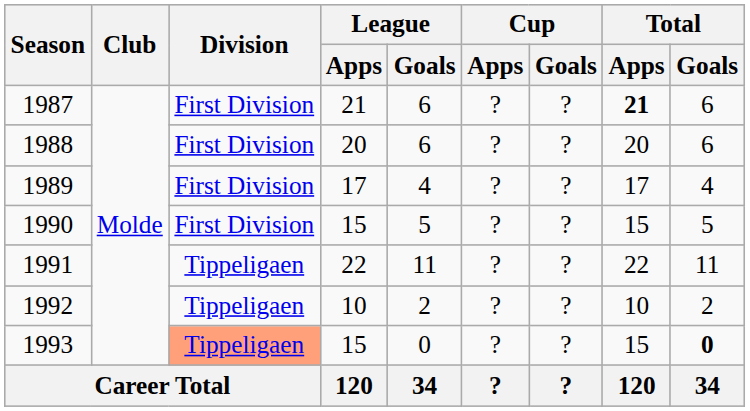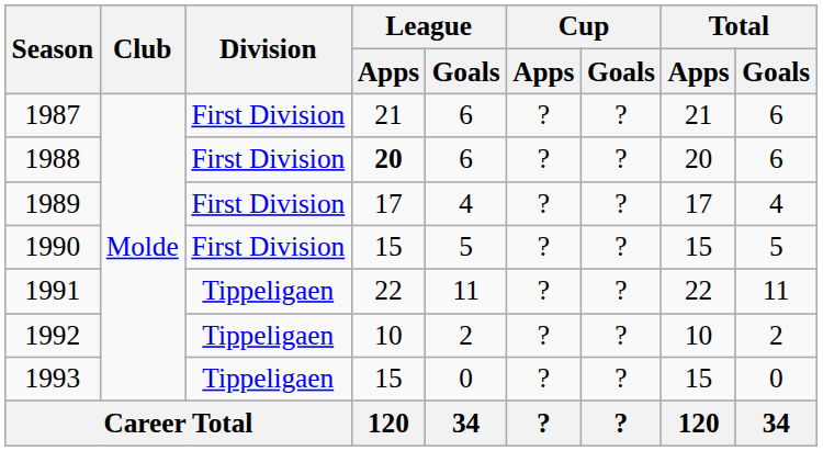 <table class="wikitable" style="text-align: center;">
 <tr>
 <th rowspan="2">Season</th>
 <th rowspan="2">Club</th>
 <th rowspan="2">Division</th>
 <th colspan="2">League</th>
 <th colspan="2">Cup</th>
 <th colspan="2">Total</th>
 </tr>
 <tr>
 <th>Apps</th>
 <th>Goals</th>
 <th>Apps</th>
 <th>Goals</th>
 <th>Apps</th>
 <th>Goals</th>
 </tr>
 <tr>
 <td>1987</td>
 <td rowspan="7" valign="center"><a href='#'>Molde</a></td>
 <td><a href='#'>First Division</a></td>
 <td>21</td>
 <td>6</td>
 <td>?</td>
 <td>?</td>
-<td><strong>21</strong></td>
+<td>21</td>
 <td>6</td>
 </tr>
 <tr>
 <td>1988</td>
 <td><a href='#'>First Division</a></td>
-<td>20</td>
+<td><strong>20</strong></td>
 <td>6</td>
 <td>?</td>
 <td>?</td>
 <td>20</td>
 <td>6</td>
 </tr>
 <tr>
 <td>1989</td>
 <td><a href='#'>First Division</a></td>
 <td>17</td>
 <td>4</td>
 <td>?</td>
 <td>?</td>
 <td>17</td>
 <td>4</td>
 </tr>
 <tr>
 <td>1990</td>
 <td><a href='#'>First Division</a></td>
 <td>15</td>
 <td>5</td>
 <td>?</td>
 <td>?</td>
 <td>15</td>
 <td>5</td>
 </tr>
 <tr>
 <td>1991</td>
 <td><a href='#'>Tippeligaen</a></td>
 <td>22</td>
 <td>11</td>
 <td>?</td>
 <td>?</td>
 <td>22</td>
 <td>11</td>
 </tr>
 <tr>
 <td>1992</td>
 <td><a href='#'>Tippeligaen</a></td>
 <td>10</td>
 <td>2</td>
 <td>?</td>
 <td>?</td>
 <td>10</td>
 <td>2</td>
 </tr>
 <tr>
 <td>1993</td>
-<td style="background: lightsalmon;"><a href='#'>Tippeligaen</a></td>
+<td><a href='#'>Tippeligaen</a></td>
 <td>15</td>
 <td>0</td>
 <td>?</td>
 <td>?</td>
 <td>15</td>
-<td><strong>0</strong></td>
+<td>0</td>
 </tr>
 <tr>
 <th colspan="3">Career Total</th>
 <th>120</th>
 <th>34</th>
 <th>?</th>
 <th>?</th>
 <th>120</th>
 <th>34</th>
 </tr>
 </table>
